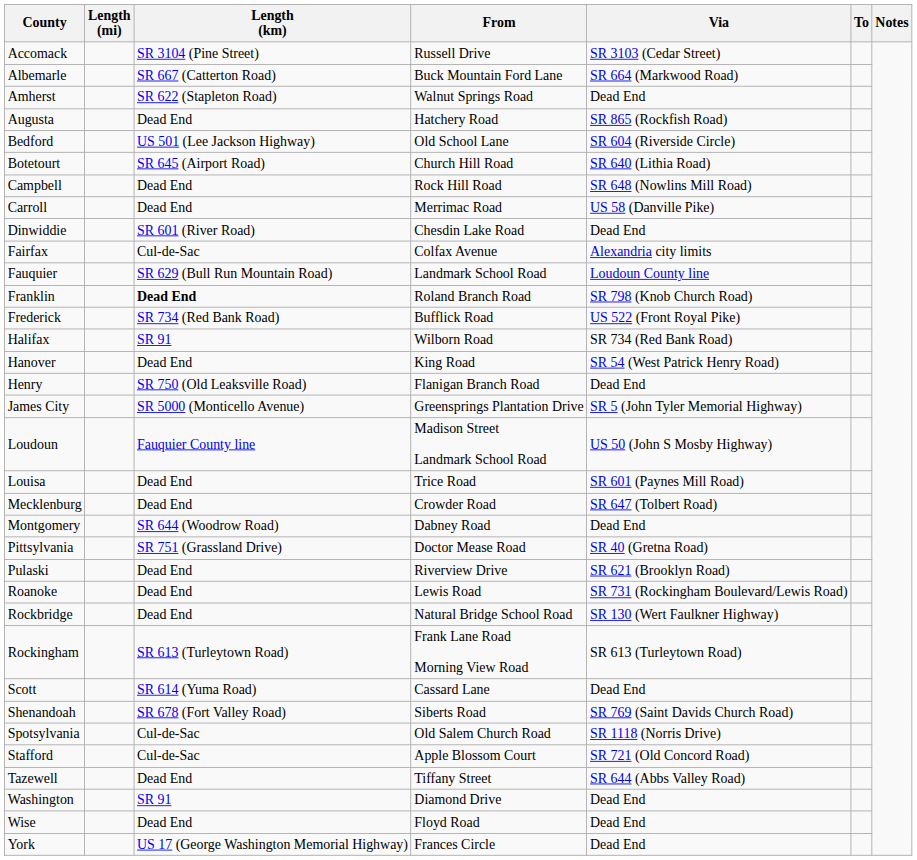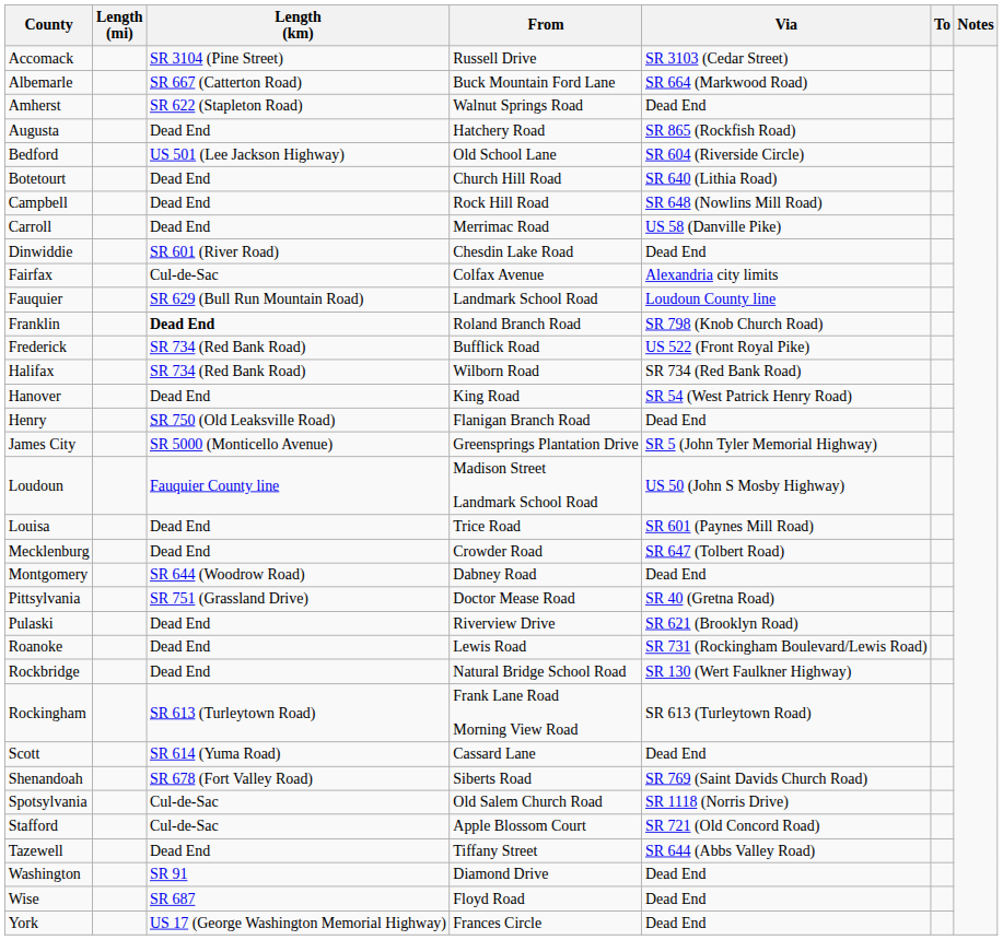 <table class="wikitable sortable">
 <tr>
 <th>County</th>
 <th>Length<br>(mi)</th>
 <th>Length<br>(km)</th>
 <th class="unsortable">From</th>
 <th class="unsortable">Via</th>
 <th class="unsortable">To</th>
 <th class="unsortable">Notes</th>
 </tr>
 <tr>
 <td id="Accomack">Accomack</td>
 <td></td>
 <td><a href='#'>SR 3104</a> (Pine Street)</td>
 <td>Russell Drive</td>
 <td><a href='#'>SR 3103</a> (Cedar Street)</td>
 <td></td>
 </tr>
 <tr>
 <td id="Albemarle">Albemarle</td>
 <td></td>
 <td><a href='#'>SR 667</a> (Catterton Road)</td>
 <td>Buck Mountain Ford Lane</td>
 <td><a href='#'>SR 664</a> (Markwood Road)</td>
 <td><br> </td>
 </tr>
 <tr>
 <td id="Amherst">Amherst</td>
 <td></td>
 <td><a href='#'>SR 622</a> (Stapleton Road)</td>
 <td>Walnut Springs Road</td>
 <td>Dead End</td>
 <td><br> </td>
 </tr>
 <tr>
 <td id="Augusta">Augusta</td>
 <td></td>
 <td>Dead End</td>
 <td>Hatchery Road</td>
 <td><a href='#'>SR 865</a> (Rockfish Road)</td>
 <td><br></td>
 </tr>
 <tr>
 <td id="Bedford">Bedford</td>
 <td></td>
 <td><a href='#'>US 501</a> (Lee Jackson Highway)</td>
 <td>Old School Lane</td>
 <td><a href='#'>SR 604</a> (Riverside Circle)</td>
 <td><br></td>
 </tr>
 <tr>
 <td id="Botetourt">Botetourt</td>
 <td></td>
-<td><a href='#'>SR 645</a> (Airport Road)</td>
+<td>Dead End</td>
 <td>Church Hill Road</td>
 <td><a href='#'>SR 640</a> (Lithia Road)</td>
 <td><br>  </td>
 </tr>
 <tr>
 <td id="Campbell">Campbell</td>
 <td></td>
 <td>Dead End</td>
 <td>Rock Hill Road</td>
 <td><a href='#'>SR 648</a> (Nowlins Mill Road)</td>
 <td><br></td>
 </tr>
 <tr>
 <td id="Carroll">Carroll</td>
 <td></td>
 <td>Dead End</td>
 <td>Merrimac Road</td>
 <td><a href='#'>US 58</a> (Danville Pike)</td>
 <td><br>       </td>
 </tr>
 <tr>
 <td id="Dinwiddie">Dinwiddie</td>
 <td></td>
 <td><a href='#'>SR 601</a> (River Road)</td>
 <td>Chesdin Lake Road</td>
 <td>Dead End</td>
 <td><br></td>
 </tr>
 <tr>
 <td id="Fairfax">Fairfax</td>
 <td></td>
 <td>Cul-de-Sac</td>
 <td>Colfax Avenue</td>
 <td><a href='#'>Alexandria</a> city limits</td>
 <td></td>
 </tr>
 <tr>
 <td id="Fauquier">Fauquier</td>
 <td></td>
 <td><a href='#'>SR 629</a> (Bull Run Mountain Road)</td>
 <td>Landmark School Road</td>
 <td><a href='#'>Loudoun County line</a></td>
 <td><br> </td>
 </tr>
 <tr>
 <td id="Franklin">Franklin</td>
 <td></td>
 <td><strong>Dead End</strong></td>
 <td>Roland Branch Road</td>
 <td><a href='#'>SR 798</a> (Knob Church Road)</td>
 <td></td>
 </tr>
 <tr>
 <td id="Frederick">Frederick</td>
 <td></td>
 <td><a href='#'>SR 734</a> (Red Bank Road)</td>
 <td>Bufflick Road</td>
 <td><a href='#'>US 522</a> (Front Royal Pike)</td>
 <td><br>     </td>
 </tr>
 <tr>
 <td id="Halifax">Halifax</td>
 <td></td>
-<td><a href='#'>SR 91</a></td>
+<td><a href='#'>SR 734</a> (Red Bank Road)</td>
 <td>Wilborn Road</td>
 <td>SR 734 (Red Bank Road)</td>
 <td></td>
 </tr>
 <tr>
 <td id="Hanover">Hanover</td>
 <td></td>
 <td>Dead End</td>
 <td>King Road</td>
 <td><a href='#'>SR 54</a> (West Patrick Henry Road)</td>
 <td><br></td>
 </tr>
 <tr>
 <td id="Henry">Henry</td>
 <td></td>
 <td><a href='#'>SR 750</a> (Old Leaksville Road)</td>
 <td>Flanigan Branch Road</td>
 <td>Dead End</td>
 <td><br> </td>
 </tr>
 <tr>
 <td id="James City">James City</td>
 <td></td>
 <td><a href='#'>SR 5000</a> (Monticello Avenue)</td>
 <td>Greensprings Plantation Drive</td>
 <td><a href='#'>SR 5</a> (John Tyler Memorial Highway)</td>
 <td><br>    </td>
 </tr>
 <tr>
 <td id="Loudoun">Loudoun</td>
 <td></td>
 <td><a href='#'>Fauquier County line</a></td>
 <td>Madison Street<br><br>Landmark School Road</td>
 <td><a href='#'>US 50</a> (John S Mosby Highway)</td>
 <td></td>
 </tr>
 <tr>
 <td id="Louisa">Louisa</td>
 <td></td>
 <td>Dead End</td>
 <td>Trice Road</td>
 <td><a href='#'>SR 601</a> (Paynes Mill Road)</td>
 <td><br>  </td>
 </tr>
 <tr>
 <td id="Mecklenburg">Mecklenburg</td>
 <td></td>
 <td>Dead End</td>
 <td>Crowder Road</td>
 <td><a href='#'>SR 647</a> (Tolbert Road)</td>
 <td><br></td>
 </tr>
 <tr>
 <td id="Montgomery">Montgomery</td>
 <td></td>
 <td><a href='#'>SR 644</a> (Woodrow Road)</td>
 <td>Dabney Road</td>
 <td>Dead End</td>
 <td><br>       </td>
 </tr>
 <tr>
 <td id="Pittsylvania">Pittsylvania</td>
 <td></td>
 <td><a href='#'>SR 751</a> (Grassland Drive)</td>
 <td>Doctor Mease Road</td>
 <td><a href='#'>SR 40</a> (Gretna Road)</td>
 <td><br>   </td>
 </tr>
 <tr>
 <td id="Pulaski">Pulaski</td>
 <td></td>
 <td>Dead End</td>
 <td>Riverview Drive</td>
 <td><a href='#'>SR 621</a> (Brooklyn Road)</td>
 <td><br> </td>
 </tr>
 <tr>
 <td id="Roanoke">Roanoke</td>
 <td></td>
 <td>Dead End</td>
 <td>Lewis Road</td>
 <td><a href='#'>SR 731</a> (Rockingham Boulevard/Lewis Road)</td>
 <td></td>
 </tr>
 <tr>
 <td id="Rockbridge">Rockbridge</td>
 <td></td>
 <td>Dead End</td>
 <td>Natural Bridge School Road</td>
 <td><a href='#'>SR 130</a> (Wert Faulkner Highway)</td>
 <td></td>
 </tr>
 <tr>
 <td id="Rockingham">Rockingham</td>
 <td></td>
 <td><a href='#'>SR 613</a> (Turleytown Road)</td>
 <td>Frank Lane Road<br><br>Morning View Road</td>
 <td>SR 613 (Turleytown Road)</td>
 <td><br></td>
 </tr>
 <tr>
 <td id="Scott">Scott</td>
 <td></td>
 <td><a href='#'>SR 614</a> (Yuma Road)</td>
 <td>Cassard Lane</td>
 <td>Dead End</td>
 <td></td>
 </tr>
 <tr>
 <td id="Shenandoah">Shenandoah</td>
 <td></td>
 <td><a href='#'>SR 678</a> (Fort Valley Road)</td>
 <td>Siberts Road</td>
 <td><a href='#'>SR 769</a> (Saint Davids Church Road)</td>
 <td><br> </td>
 </tr>
 <tr>
 <td id="Spotsylvania">Spotsylvania</td>
 <td></td>
 <td>Cul-de-Sac</td>
 <td>Old Salem Church Road</td>
 <td><a href='#'>SR 1118</a> (Norris Drive)</td>
 <td></td>
 </tr>
 <tr>
 <td id="Stafford">Stafford</td>
 <td></td>
 <td>Cul-de-Sac</td>
 <td>Apple Blossom Court</td>
 <td><a href='#'>SR 721</a> (Old Concord Road)</td>
 <td><br> </td>
 </tr>
 <tr>
 <td id="Tazewell">Tazewell</td>
 <td></td>
 <td>Dead End</td>
 <td>Tiffany Street</td>
 <td><a href='#'>SR 644</a> (Abbs Valley Road)</td>
 <td><br></td>
 </tr>
 <tr>
 <td id="Washington">Washington</td>
 <td></td>
 <td><a href='#'>SR 91</a></td>
 <td>Diamond Drive</td>
 <td>Dead End</td>
 <td><br></td>
 </tr>
 <tr>
 <td id="Wise">Wise</td>
 <td></td>
-<td>Dead End</td>
+<td><a href='#'>SR 687</a></td>
 <td>Floyd Road</td>
 <td>Dead End</td>
 <td><br></td>
 </tr>
 <tr>
 <td id="York">York</td>
 <td></td>
 <td><a href='#'>US 17</a> (George Washington Memorial Highway)</td>
 <td>Frances Circle</td>
 <td>Dead End</td>
 <td></td>
 </tr>
 </table>
